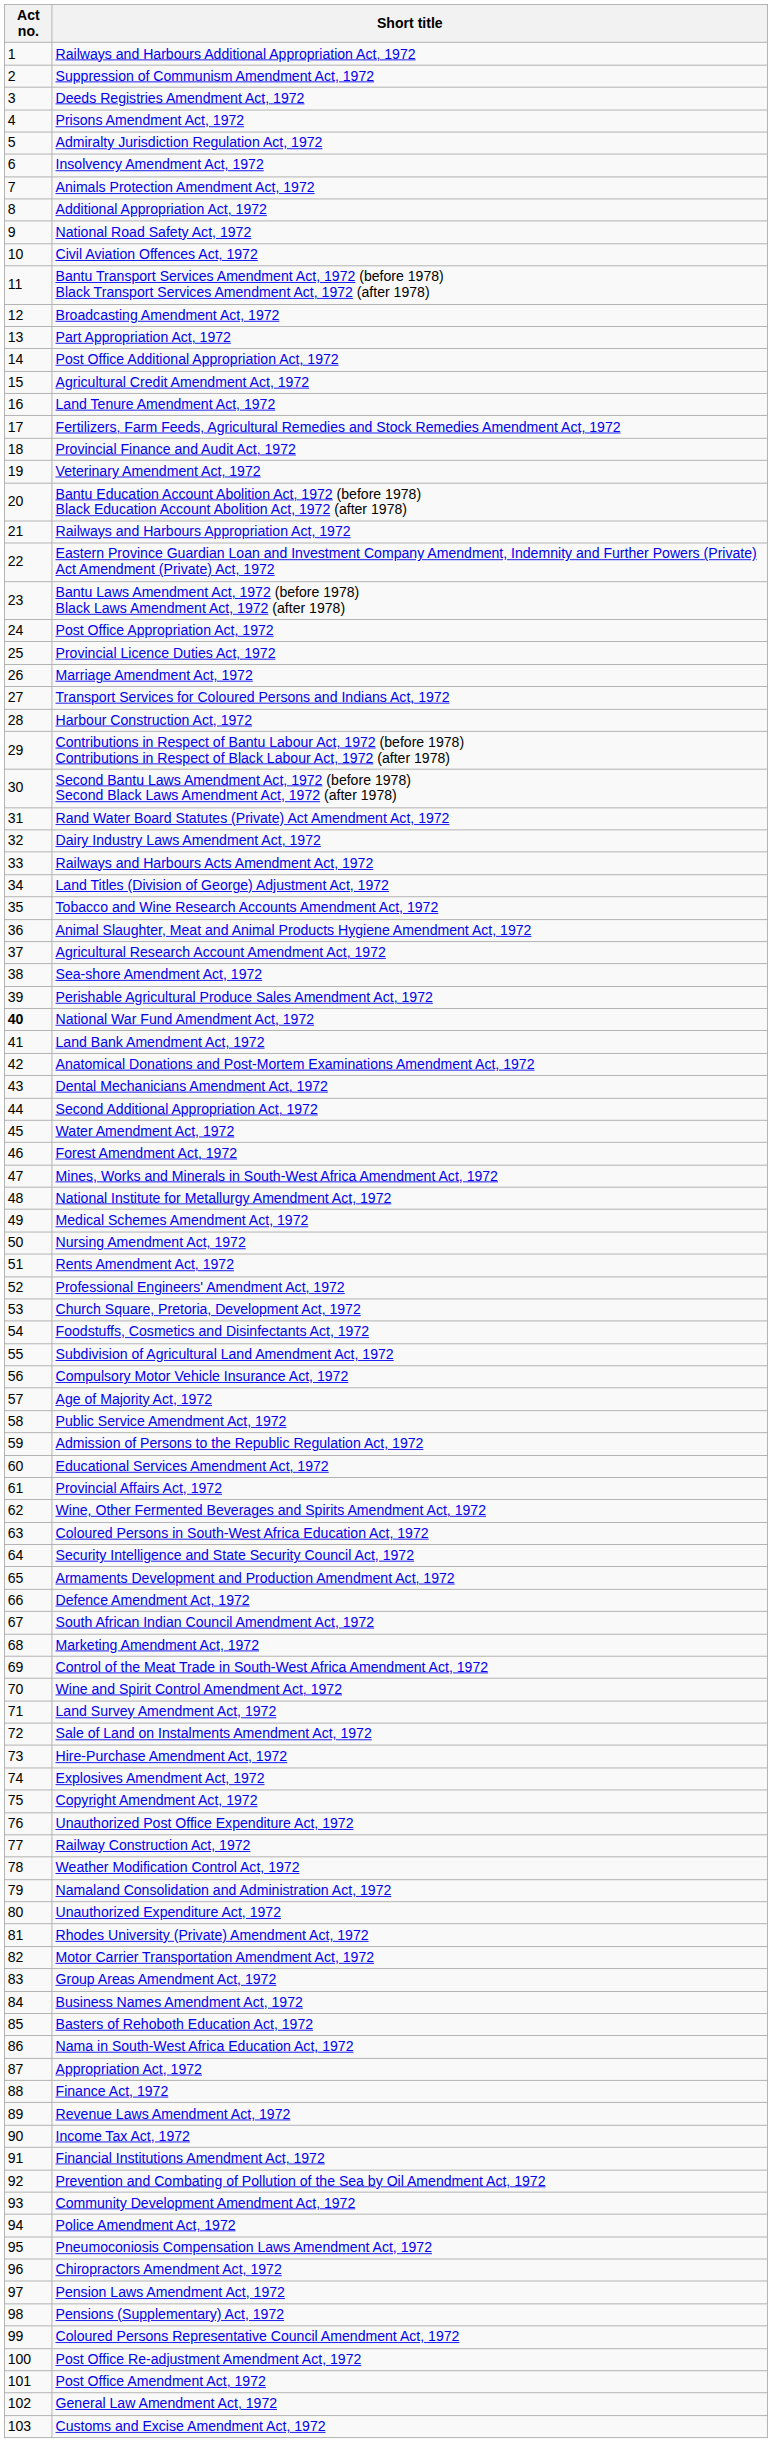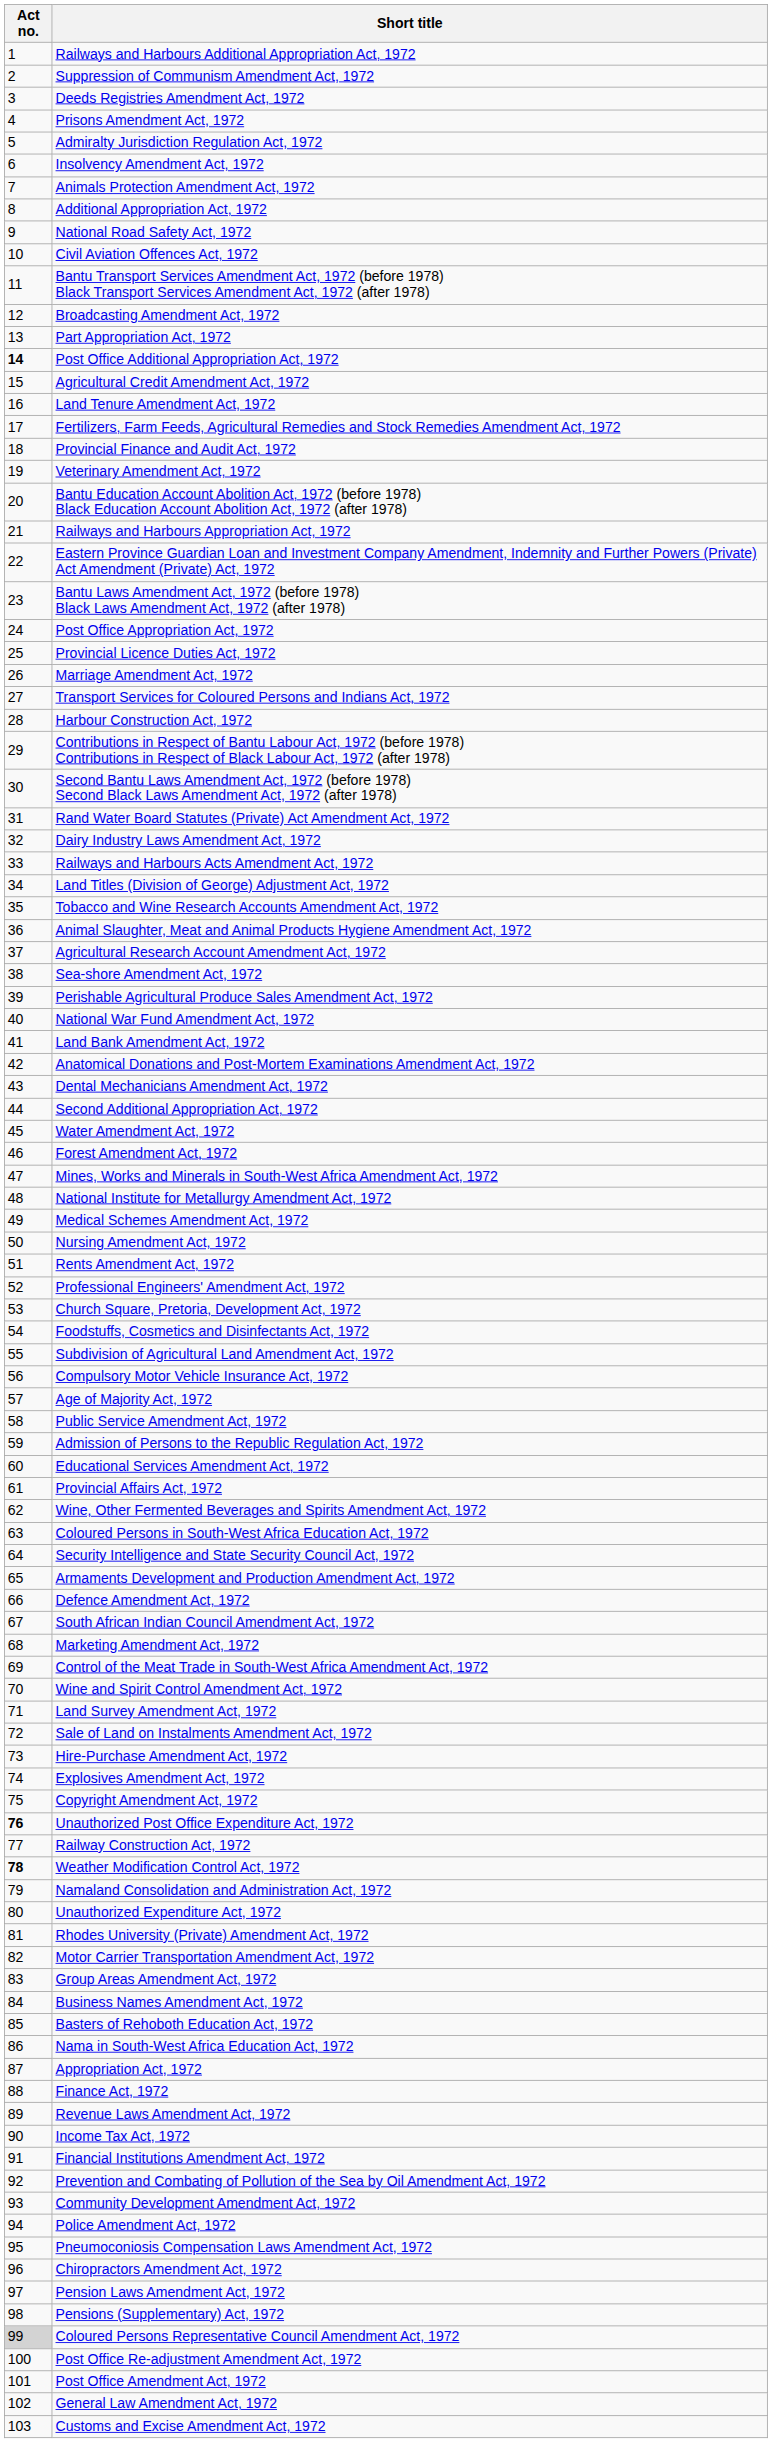 <table class="wikitable sortable">
 <tr>
 <th>Act no.</th>
 <th>Short title</th>
 </tr>
 <tr>
 <td>1</td>
 <td><a href='#'>Railways and Harbours Additional Appropriation Act, 1972</a></td>
 </tr>
 <tr>
 <td>2</td>
 <td><a href='#'>Suppression of Communism Amendment Act, 1972</a></td>
 </tr>
 <tr>
 <td>3</td>
 <td><a href='#'>Deeds Registries Amendment Act, 1972</a></td>
 </tr>
 <tr>
 <td>4</td>
 <td><a href='#'>Prisons Amendment Act, 1972</a></td>
 </tr>
 <tr>
 <td>5</td>
 <td><a href='#'>Admiralty Jurisdiction Regulation Act, 1972</a></td>
 </tr>
 <tr>
 <td>6</td>
 <td><a href='#'>Insolvency Amendment Act, 1972</a></td>
 </tr>
 <tr>
 <td>7</td>
 <td><a href='#'>Animals Protection Amendment Act, 1972</a></td>
 </tr>
 <tr>
 <td>8</td>
 <td><a href='#'>Additional Appropriation Act, 1972</a></td>
 </tr>
 <tr>
 <td>9</td>
 <td><a href='#'>National Road Safety Act, 1972</a></td>
 </tr>
 <tr>
 <td>10</td>
 <td><a href='#'>Civil Aviation Offences Act, 1972</a></td>
 </tr>
 <tr>
 <td>11</td>
 <td><a href='#'>Bantu Transport Services Amendment Act, 1972</a> (before 1978) <br><a href='#'>Black Transport Services Amendment Act, 1972</a> (after 1978)</td>
 </tr>
 <tr>
 <td>12</td>
 <td><a href='#'>Broadcasting Amendment Act, 1972</a></td>
 </tr>
 <tr>
 <td>13</td>
 <td><a href='#'>Part Appropriation Act, 1972</a></td>
 </tr>
 <tr>
-<td>14</td>
+<td><strong>14</strong></td>
 <td><a href='#'>Post Office Additional Appropriation Act, 1972</a></td>
 </tr>
 <tr>
 <td>15</td>
 <td><a href='#'>Agricultural Credit Amendment Act, 1972</a></td>
 </tr>
 <tr>
 <td>16</td>
 <td><a href='#'>Land Tenure Amendment Act, 1972</a></td>
 </tr>
 <tr>
 <td>17</td>
 <td><a href='#'>Fertilizers, Farm Feeds, Agricultural Remedies and Stock Remedies Amendment Act, 1972</a></td>
 </tr>
 <tr>
 <td>18</td>
 <td><a href='#'>Provincial Finance and Audit Act, 1972</a></td>
 </tr>
 <tr>
 <td>19</td>
 <td><a href='#'>Veterinary Amendment Act, 1972</a></td>
 </tr>
 <tr>
 <td>20</td>
 <td><a href='#'>Bantu Education Account Abolition Act, 1972</a> (before 1978) <br><a href='#'>Black Education Account Abolition Act, 1972</a> (after 1978)</td>
 </tr>
 <tr>
 <td>21</td>
 <td><a href='#'>Railways and Harbours Appropriation Act, 1972</a></td>
 </tr>
 <tr>
 <td>22</td>
 <td><a href='#'>Eastern Province Guardian Loan and Investment Company Amendment, Indemnity and Further Powers (Private) Act Amendment (Private) Act, 1972</a></td>
 </tr>
 <tr>
 <td>23</td>
 <td><a href='#'>Bantu Laws Amendment Act, 1972</a> (before 1978) <br><a href='#'>Black Laws Amendment Act, 1972</a> (after 1978)</td>
 </tr>
 <tr>
 <td>24</td>
 <td><a href='#'>Post Office Appropriation Act, 1972</a></td>
 </tr>
 <tr>
 <td>25</td>
 <td><a href='#'>Provincial Licence Duties Act, 1972</a></td>
 </tr>
 <tr>
 <td>26</td>
 <td><a href='#'>Marriage Amendment Act, 1972</a></td>
 </tr>
 <tr>
 <td>27</td>
 <td><a href='#'>Transport Services for Coloured Persons and Indians Act, 1972</a></td>
 </tr>
 <tr>
 <td>28</td>
 <td><a href='#'>Harbour Construction Act, 1972</a></td>
 </tr>
 <tr>
 <td>29</td>
 <td><a href='#'>Contributions in Respect of Bantu Labour Act, 1972</a> (before 1978) <br><a href='#'>Contributions in Respect of Black Labour Act, 1972</a> (after 1978)</td>
 </tr>
 <tr>
 <td>30</td>
 <td><a href='#'>Second Bantu Laws Amendment Act, 1972</a> (before 1978) <br><a href='#'>Second Black Laws Amendment Act, 1972</a> (after 1978)</td>
 </tr>
 <tr>
 <td>31</td>
 <td><a href='#'>Rand Water Board Statutes (Private) Act Amendment Act, 1972</a></td>
 </tr>
 <tr>
 <td>32</td>
 <td><a href='#'>Dairy Industry Laws Amendment Act, 1972</a></td>
 </tr>
 <tr>
 <td>33</td>
 <td><a href='#'>Railways and Harbours Acts Amendment Act, 1972</a></td>
 </tr>
 <tr>
 <td>34</td>
 <td><a href='#'>Land Titles (Division of George) Adjustment Act, 1972</a></td>
 </tr>
 <tr>
 <td>35</td>
 <td><a href='#'>Tobacco and Wine Research Accounts Amendment Act, 1972</a></td>
 </tr>
 <tr>
 <td>36</td>
 <td><a href='#'>Animal Slaughter, Meat and Animal Products Hygiene Amendment Act, 1972</a></td>
 </tr>
 <tr>
 <td>37</td>
 <td><a href='#'>Agricultural Research Account Amendment Act, 1972</a></td>
 </tr>
 <tr>
 <td>38</td>
 <td><a href='#'>Sea-shore Amendment Act, 1972</a></td>
 </tr>
 <tr>
 <td>39</td>
 <td><a href='#'>Perishable Agricultural Produce Sales Amendment Act, 1972</a></td>
 </tr>
 <tr>
-<td><strong>40</strong></td>
+<td>40</td>
 <td><a href='#'>National War Fund Amendment Act, 1972</a></td>
 </tr>
 <tr>
 <td>41</td>
 <td><a href='#'>Land Bank Amendment Act, 1972</a></td>
 </tr>
 <tr>
 <td>42</td>
 <td><a href='#'>Anatomical Donations and Post-Mortem Examinations Amendment Act, 1972</a></td>
 </tr>
 <tr>
 <td>43</td>
 <td><a href='#'>Dental Mechanicians Amendment Act, 1972</a></td>
 </tr>
 <tr>
 <td>44</td>
 <td><a href='#'>Second Additional Appropriation Act, 1972</a></td>
 </tr>
 <tr>
 <td>45</td>
 <td><a href='#'>Water Amendment Act, 1972</a></td>
 </tr>
 <tr>
 <td>46</td>
 <td><a href='#'>Forest Amendment Act, 1972</a></td>
 </tr>
 <tr>
 <td>47</td>
 <td><a href='#'>Mines, Works and Minerals in South-West Africa Amendment Act, 1972</a></td>
 </tr>
 <tr>
 <td>48</td>
 <td><a href='#'>National Institute for Metallurgy Amendment Act, 1972</a></td>
 </tr>
 <tr>
 <td>49</td>
 <td><a href='#'>Medical Schemes Amendment Act, 1972</a></td>
 </tr>
 <tr>
 <td>50</td>
 <td><a href='#'>Nursing Amendment Act, 1972</a></td>
 </tr>
 <tr>
 <td>51</td>
 <td><a href='#'>Rents Amendment Act, 1972</a></td>
 </tr>
 <tr>
 <td>52</td>
 <td><a href='#'>Professional Engineers' Amendment Act, 1972</a></td>
 </tr>
 <tr>
 <td>53</td>
 <td><a href='#'>Church Square, Pretoria, Development Act, 1972</a></td>
 </tr>
 <tr>
 <td>54</td>
 <td><a href='#'>Foodstuffs, Cosmetics and Disinfectants Act, 1972</a></td>
 </tr>
 <tr>
 <td>55</td>
 <td><a href='#'>Subdivision of Agricultural Land Amendment Act, 1972</a></td>
 </tr>
 <tr>
 <td>56</td>
 <td><a href='#'>Compulsory Motor Vehicle Insurance Act, 1972</a></td>
 </tr>
 <tr>
 <td>57</td>
 <td><a href='#'>Age of Majority Act, 1972</a></td>
 </tr>
 <tr>
 <td>58</td>
 <td><a href='#'>Public Service Amendment Act, 1972</a></td>
 </tr>
 <tr>
 <td>59</td>
 <td><a href='#'>Admission of Persons to the Republic Regulation Act, 1972</a></td>
 </tr>
 <tr>
 <td>60</td>
 <td><a href='#'>Educational Services Amendment Act, 1972</a></td>
 </tr>
 <tr>
 <td>61</td>
 <td><a href='#'>Provincial Affairs Act, 1972</a></td>
 </tr>
 <tr>
 <td>62</td>
 <td><a href='#'>Wine, Other Fermented Beverages and Spirits Amendment Act, 1972</a></td>
 </tr>
 <tr>
 <td>63</td>
 <td><a href='#'>Coloured Persons in South-West Africa Education Act, 1972</a></td>
 </tr>
 <tr>
 <td>64</td>
 <td><a href='#'>Security Intelligence and State Security Council Act, 1972</a></td>
 </tr>
 <tr>
 <td>65</td>
 <td><a href='#'>Armaments Development and Production Amendment Act, 1972</a></td>
 </tr>
 <tr>
 <td>66</td>
 <td><a href='#'>Defence Amendment Act, 1972</a></td>
 </tr>
 <tr>
 <td>67</td>
 <td><a href='#'>South African Indian Council Amendment Act, 1972</a></td>
 </tr>
 <tr>
 <td>68</td>
 <td><a href='#'>Marketing Amendment Act, 1972</a></td>
 </tr>
 <tr>
 <td>69</td>
 <td><a href='#'>Control of the Meat Trade in South-West Africa Amendment Act, 1972</a></td>
 </tr>
 <tr>
 <td>70</td>
 <td><a href='#'>Wine and Spirit Control Amendment Act, 1972</a></td>
 </tr>
 <tr>
 <td>71</td>
 <td><a href='#'>Land Survey Amendment Act, 1972</a></td>
 </tr>
 <tr>
 <td>72</td>
 <td><a href='#'>Sale of Land on Instalments Amendment Act, 1972</a></td>
 </tr>
 <tr>
 <td>73</td>
 <td><a href='#'>Hire-Purchase Amendment Act, 1972</a></td>
 </tr>
 <tr>
 <td>74</td>
 <td><a href='#'>Explosives Amendment Act, 1972</a></td>
 </tr>
 <tr>
 <td>75</td>
 <td><a href='#'>Copyright Amendment Act, 1972</a></td>
 </tr>
 <tr>
-<td>76</td>
+<td><strong>76</strong></td>
 <td><a href='#'>Unauthorized Post Office Expenditure Act, 1972</a></td>
 </tr>
 <tr>
 <td>77</td>
 <td><a href='#'>Railway Construction Act, 1972</a></td>
 </tr>
 <tr>
-<td>78</td>
+<td><strong>78</strong></td>
 <td><a href='#'>Weather Modification Control Act, 1972</a></td>
 </tr>
 <tr>
 <td>79</td>
 <td><a href='#'>Namaland Consolidation and Administration Act, 1972</a></td>
 </tr>
 <tr>
 <td>80</td>
 <td><a href='#'>Unauthorized Expenditure Act, 1972</a></td>
 </tr>
 <tr>
 <td>81</td>
 <td><a href='#'>Rhodes University (Private) Amendment Act, 1972</a></td>
 </tr>
 <tr>
 <td>82</td>
 <td><a href='#'>Motor Carrier Transportation Amendment Act, 1972</a></td>
 </tr>
 <tr>
 <td>83</td>
 <td><a href='#'>Group Areas Amendment Act, 1972</a></td>
 </tr>
 <tr>
 <td>84</td>
 <td><a href='#'>Business Names Amendment Act, 1972</a></td>
 </tr>
 <tr>
 <td>85</td>
 <td><a href='#'>Basters of Rehoboth Education Act, 1972</a></td>
 </tr>
 <tr>
 <td>86</td>
 <td><a href='#'>Nama in South-West Africa Education Act, 1972</a></td>
 </tr>
 <tr>
 <td>87</td>
 <td><a href='#'>Appropriation Act, 1972</a></td>
 </tr>
 <tr>
 <td>88</td>
 <td><a href='#'>Finance Act, 1972</a></td>
 </tr>
 <tr>
 <td>89</td>
 <td><a href='#'>Revenue Laws Amendment Act, 1972</a></td>
 </tr>
 <tr>
 <td>90</td>
 <td><a href='#'>Income Tax Act, 1972</a></td>
 </tr>
 <tr>
 <td>91</td>
 <td><a href='#'>Financial Institutions Amendment Act, 1972</a></td>
 </tr>
 <tr>
 <td>92</td>
 <td><a href='#'>Prevention and Combating of Pollution of the Sea by Oil Amendment Act, 1972</a></td>
 </tr>
 <tr>
 <td>93</td>
 <td><a href='#'>Community Development Amendment Act, 1972</a></td>
 </tr>
 <tr>
 <td>94</td>
 <td><a href='#'>Police Amendment Act, 1972</a></td>
 </tr>
 <tr>
 <td>95</td>
 <td><a href='#'>Pneumoconiosis Compensation Laws Amendment Act, 1972</a></td>
 </tr>
 <tr>
 <td>96</td>
 <td><a href='#'>Chiropractors Amendment Act, 1972</a></td>
 </tr>
 <tr>
 <td>97</td>
 <td><a href='#'>Pension Laws Amendment Act, 1972</a></td>
 </tr>
 <tr>
 <td>98</td>
 <td><a href='#'>Pensions (Supplementary) Act, 1972</a></td>
 </tr>
 <tr>
-<td>99</td>
+<td style="background: lightgrey;">99</td>
 <td><a href='#'>Coloured Persons Representative Council Amendment Act, 1972</a></td>
 </tr>
 <tr>
 <td>100</td>
 <td><a href='#'>Post Office Re-adjustment Amendment Act, 1972</a></td>
 </tr>
 <tr>
 <td>101</td>
 <td><a href='#'>Post Office Amendment Act, 1972</a></td>
 </tr>
 <tr>
 <td>102</td>
 <td><a href='#'>General Law Amendment Act, 1972</a></td>
 </tr>
 <tr>
 <td>103</td>
 <td><a href='#'>Customs and Excise Amendment Act, 1972</a></td>
 </tr>
 </table>
